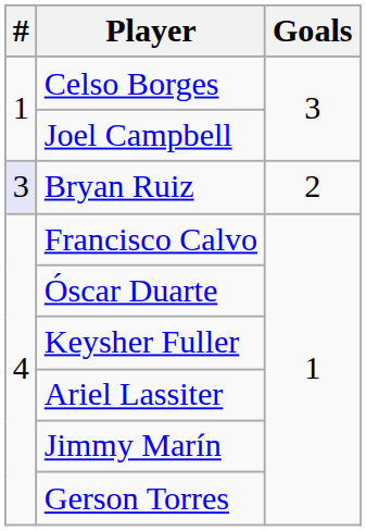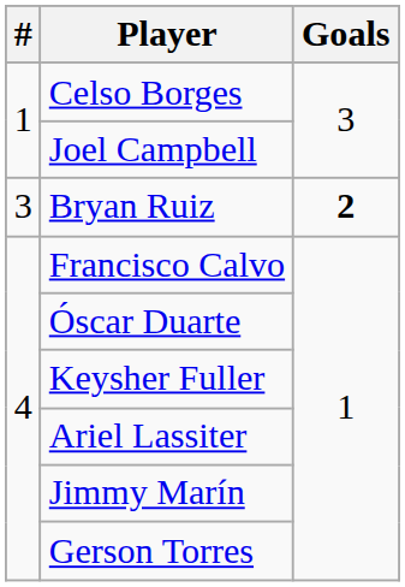 <table class="wikitable">
 <tr>
 <th>#</th>
 <th>Player</th>
 <th>Goals</th>
 </tr>
 <tr align=center>
 <td rowspan=2>1</td>
 <td align=left><a href='#'>Celso Borges</a></td>
 <td rowspan=2>3</td>
 </tr>
 <tr align=center>
 <td align=left><a href='#'>Joel Campbell</a></td>
 </tr>
 <tr align=center>
-<td style="background: lavender;">3</td>
+<td>3</td>
 <td align=left><a href='#'>Bryan Ruiz</a></td>
-<td>2</td>
+<td><strong>2</strong></td>
 </tr>
 <tr align=center>
 <td rowspan=6>4</td>
 <td align=left><a href='#'>Francisco Calvo</a></td>
 <td rowspan=6>1</td>
 </tr>
 <tr align=center>
 <td align=left><a href='#'>Óscar Duarte</a></td>
 </tr>
 <tr align=center>
 <td align=left><a href='#'>Keysher Fuller</a></td>
 </tr>
 <tr align=center>
 <td align=left><a href='#'>Ariel Lassiter</a></td>
 </tr>
 <tr align=center>
 <td align=left><a href='#'>Jimmy Marín</a></td>
 </tr>
 <tr align=center>
 <td align=left><a href='#'>Gerson Torres</a></td>
 </tr>
 </table>
